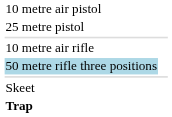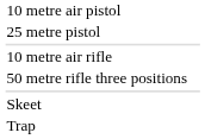 <table>
 <tr>
 <td>10 metre air pistol<br></td>
 <td></td>
 <td></td>
 <td></td>
 </tr>
 <tr>
 <td>25 metre pistol<br></td>
 <td></td>
 <td></td>
 <td></td>
 </tr>
 <tr bgcolor=#DDDDDD>
 <td colspan=7></td>
 </tr>
 <tr>
 <td>10 metre air rifle<br></td>
 <td></td>
 <td></td>
 <td></td>
 </tr>
 <tr>
-<td style="background: lightblue;">50 metre rifle three positions<br></td>
+<td>50 metre rifle three positions<br></td>
 <td></td>
 <td></td>
 <td></td>
 </tr>
 <tr bgcolor=#DDDDDD>
 <td colspan=7></td>
 </tr>
 <tr>
 <td>Skeet<br></td>
 <td></td>
 <td></td>
 <td></td>
 </tr>
 <tr>
-<td><strong>Trap<br></strong></td>
+<td>Trap<br></td>
 <td></td>
 <td></td>
 <td></td>
 </tr>
 </table>
